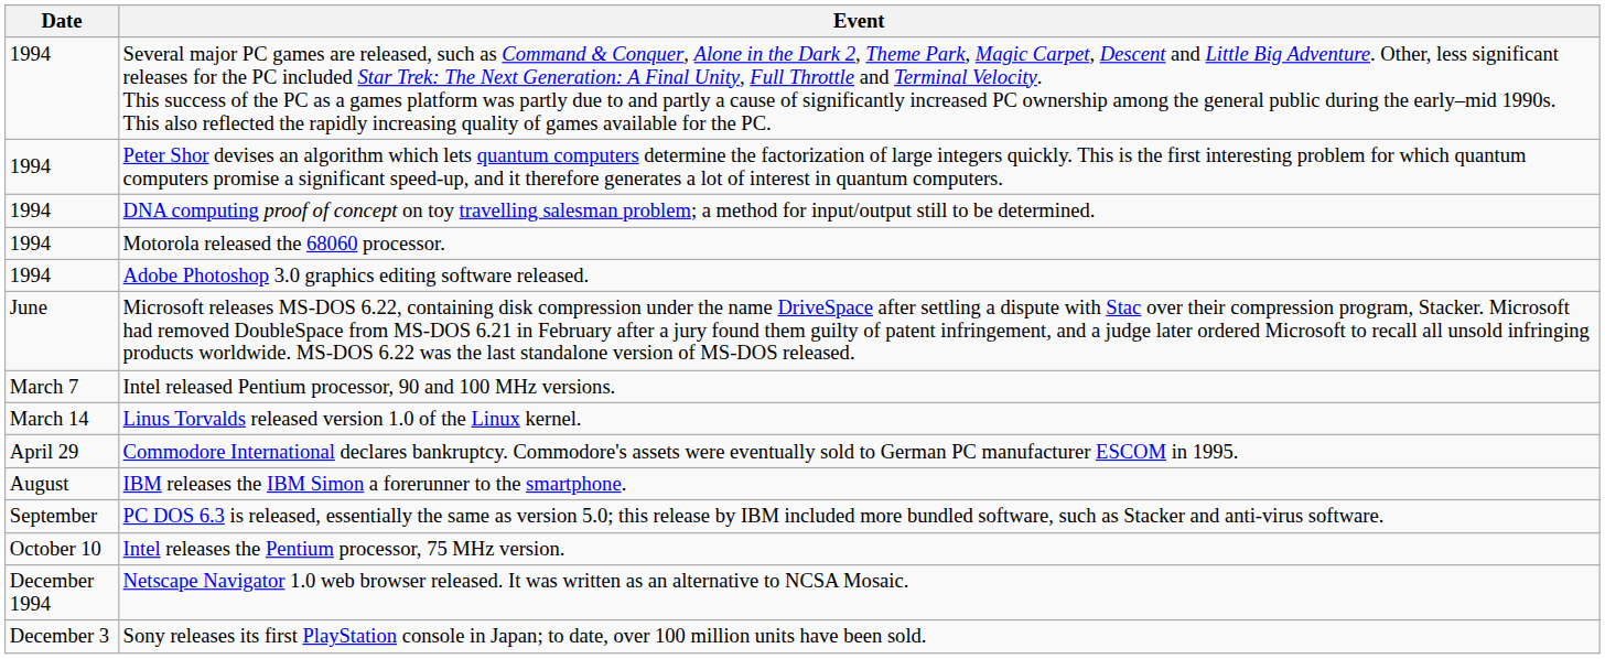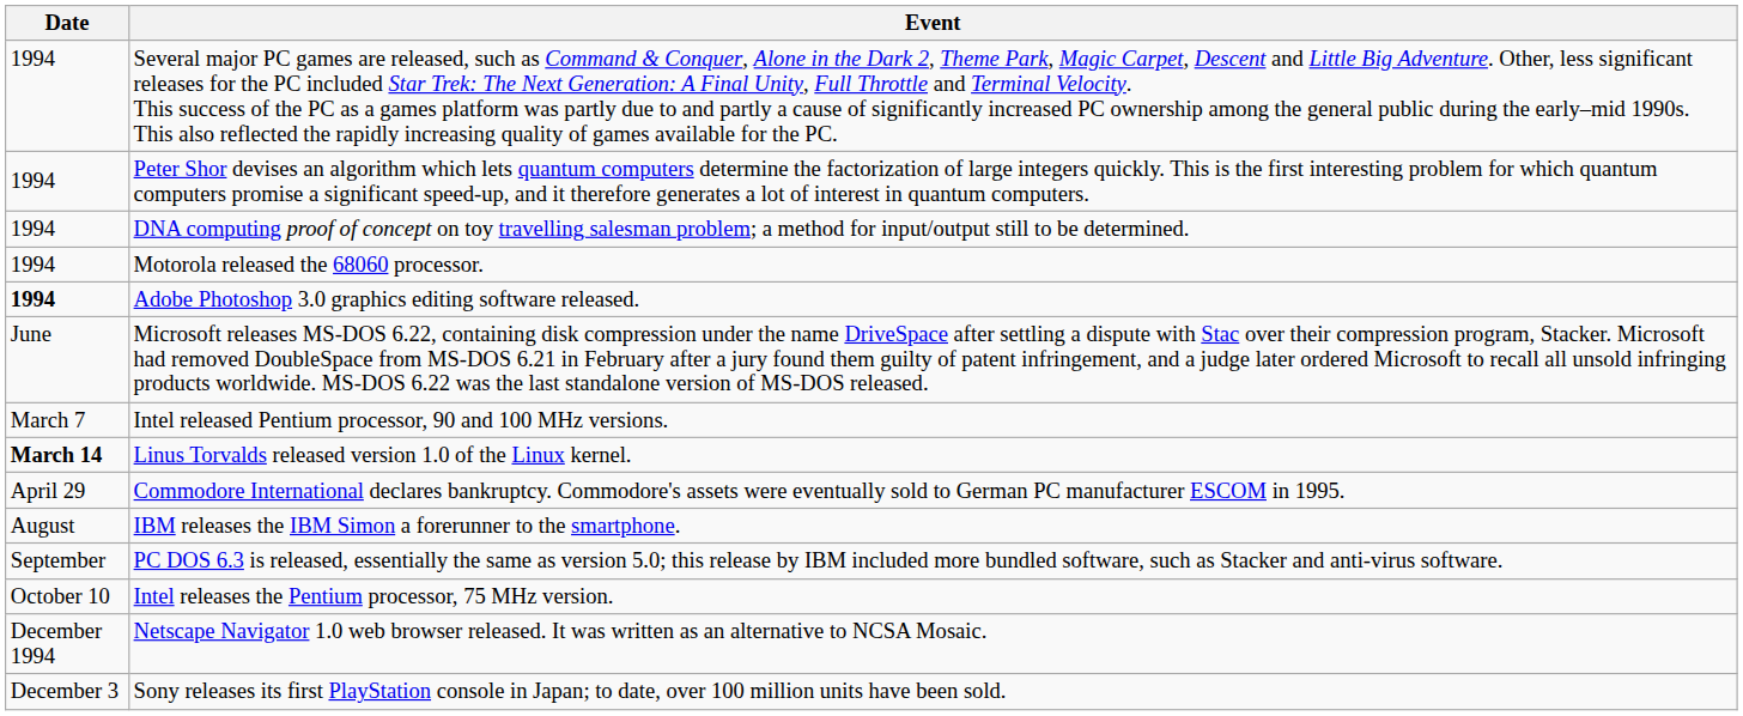 <table class="wikitable sortable">
 <tr>
 <th>Date</th>
 <th class="unsortable">Event</th>
 </tr>
 <tr valign="top">
 <td>1994</td>
 <td>Several major PC games are released, such as <em><a href='#'>Command & Conquer</a></em>, <em><a href='#'>Alone in the Dark 2</a></em>, <em><a href='#'>Theme Park</a></em>, <em><a href='#'>Magic Carpet</a></em>, <em><a href='#'>Descent</a></em> and <em><a href='#'>Little Big Adventure</a></em>. Other, less significant releases for the PC included <em><a href='#'>Star Trek: The Next Generation: A Final Unity</a></em>, <em><a href='#'>Full Throttle</a></em> and <em><a href='#'>Terminal Velocity</a></em>.<br>This success of the PC as a games platform was partly due to and partly a cause of significantly increased PC ownership among the general public during the early–mid 1990s. This also reflected the rapidly increasing quality of games available for the PC.</td>
 </tr>
 <tr>
 <td>1994</td>
 <td><a href='#'>Peter Shor</a> devises an algorithm which lets <a href='#'>quantum computers</a> determine the factorization of large integers quickly. This is the first interesting problem for which quantum computers promise a significant speed-up, and it therefore generates a lot of interest in quantum computers.</td>
 </tr>
 <tr valign="top">
 <td>1994</td>
 <td><a href='#'>DNA computing</a> <em>proof of concept</em> on toy <a href='#'>travelling salesman problem</a>; a method for input/output still to be determined.</td>
 </tr>
 <tr valign="top">
 <td>1994</td>
 <td>Motorola released the <a href='#'>68060</a> processor.</td>
 </tr>
 <tr valign="top">
-<td>1994</td>
+<td><strong>1994</strong></td>
 <td><a href='#'>Adobe Photoshop</a> 3.0 graphics editing software released.</td>
 </tr>
 <tr valign="top">
 <td>June</td>
 <td>Microsoft releases MS-DOS 6.22, containing disk compression under the name <a href='#'>DriveSpace</a> after settling a dispute with <a href='#'>Stac</a> over their compression program, Stacker. Microsoft had removed DoubleSpace from MS-DOS 6.21 in February after a jury found them guilty of patent infringement, and a judge later ordered Microsoft to recall all unsold infringing products worldwide. MS-DOS 6.22 was the last standalone version of MS-DOS released.</td>
 </tr>
 <tr valign="top">
 <td>March 7</td>
 <td>Intel released Pentium processor, 90 and 100 MHz versions.</td>
 </tr>
 <tr valign="top">
-<td>March 14</td>
+<td><strong>March 14</strong></td>
 <td><a href='#'>Linus Torvalds</a> released version 1.0 of the <a href='#'>Linux</a> kernel.</td>
 </tr>
 <tr valign="top">
 <td>April 29</td>
 <td><a href='#'>Commodore International</a> declares bankruptcy. Commodore's assets were eventually sold to German PC manufacturer <a href='#'>ESCOM</a> in 1995.</td>
 </tr>
 <tr>
 <td>August</td>
 <td><a href='#'>IBM</a> releases the <a href='#'>IBM Simon</a> a forerunner to the <a href='#'>smartphone</a>.</td>
 </tr>
 <tr valign="top">
 <td>September</td>
 <td><a href='#'>PC DOS 6.3</a> is released, essentially the same as version 5.0; this release by IBM included more bundled software, such as Stacker and anti-virus software.</td>
 </tr>
 <tr valign="top">
 <td>October 10</td>
 <td><a href='#'>Intel</a> releases the <a href='#'>Pentium</a> processor, 75 MHz version.</td>
 </tr>
 <tr valign="top">
 <td>December 1994</td>
 <td><a href='#'>Netscape Navigator</a> 1.0 web browser released. It was written as an alternative to NCSA Mosaic.</td>
 </tr>
 <tr valign="top">
 <td>December 3</td>
 <td>Sony releases its first <a href='#'>PlayStation</a> console in Japan; to date, over 100 million units have been sold.</td>
 </tr>
 </table>
